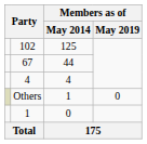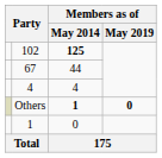 <table class="wikitable sortable">
 <tr>
 <th rowspan=2 colspan="2">Party</th>
 <th colspan=2>Members as of</th>
 </tr>
 <tr>
 <th>May 2014</th>
 <th>May 2019</th>
 </tr>
 <tr>
 <td></td>
 <td style="text-align: center;">102</td>
-<td style="text-align: center;">125</td>
+<td style="text-align: center;"><strong>125</strong></td>
 </tr>
 <tr>
 <td></td>
 <td style="text-align: center;">67</td>
 <td style="text-align: center;">44</td>
 </tr>
 <tr>
 <td></td>
 <td style="text-align: center;">4</td>
 <td style="text-align: center;">4</td>
 </tr>
 <tr>
 <td style="width: 2px; color:inherit; background-color: #DDDDBB;" data-sort-value="Others"></td>
 <td scope="row" style="text-align: left;">Others</td>
-<td style="text-align: center;">1</td>
-<td style="text-align: center;">0</td>
+<td style="text-align: center;"><strong>1</strong></td>
+<td style="text-align: center;"><strong>0</strong></td>
 </tr>
 <tr>
 <td></td>
 <td style="text-align: center;">1</td>
 <td style="text-align: center;">0</td>
 </tr>
 <tr>
 <th colspan="2"><strong>Total</strong></th>
 <th colspan=2>175</th>
 </tr>
 </table>
